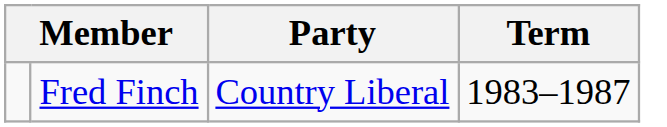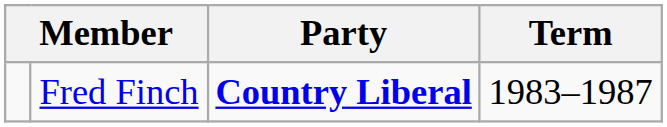 <table class="wikitable">
 <tr>
 <th colspan="2">Member</th>
 <th>Party</th>
 <th>Term</th>
 </tr>
 <tr>
 <td> </td>
 <td><a href='#'>Fred Finch</a></td>
-<td><a href='#'>Country Liberal</a></td>
+<td><strong><a href='#'>Country Liberal</a></strong></td>
 <td>1983–1987</td>
 </tr>
 </table>
